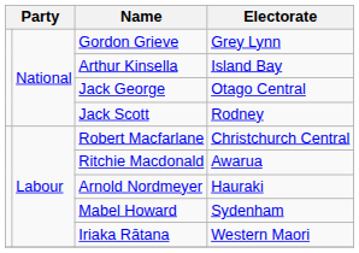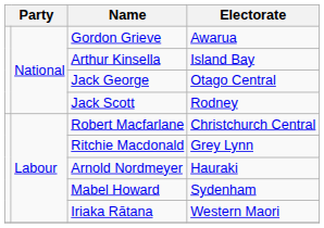 <table class="wikitable">
 <tr>
 <th colspan=2>Party</th>
 <th>Name</th>
 <th>Electorate</th>
 </tr>
 <tr>
 <td rowspan=4 style="background-color: "></td>
 <td rowspan=4><a href='#'>National</a></td>
 <td><a href='#'>Gordon Grieve</a></td>
-<td><a href='#'>Grey Lynn</a></td>
+<td><a href='#'>Awarua</a></td>
 </tr>
 <tr>
 <td><a href='#'>Arthur Kinsella</a></td>
 <td><a href='#'>Island Bay</a></td>
 </tr>
 <tr>
 <td><a href='#'>Jack George</a></td>
 <td><a href='#'>Otago Central</a></td>
 </tr>
 <tr>
 <td><a href='#'>Jack Scott</a></td>
 <td><a href='#'>Rodney</a></td>
 </tr>
 <tr>
 <td rowspan=5 style="background-color: "></td>
 <td rowspan=5><a href='#'>Labour</a></td>
 <td><a href='#'>Robert Macfarlane</a></td>
 <td><a href='#'>Christchurch Central</a></td>
 </tr>
 <tr>
 <td><a href='#'>Ritchie Macdonald</a></td>
-<td><a href='#'>Awarua</a></td>
+<td><a href='#'>Grey Lynn</a></td>
 </tr>
 <tr>
 <td><a href='#'>Arnold Nordmeyer</a></td>
 <td><a href='#'>Hauraki</a></td>
 </tr>
 <tr>
 <td><a href='#'>Mabel Howard</a></td>
 <td><a href='#'>Sydenham</a></td>
 </tr>
 <tr>
 <td><a href='#'>Iriaka Rātana</a></td>
 <td><a href='#'>Western Maori</a></td>
 </tr>
 <tr>
 </tr>
 </table>
